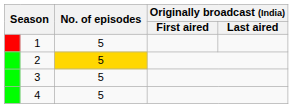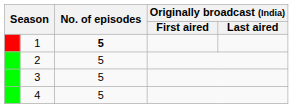 <table class="wikitable" style="text-align:center">
 <tr>
 <th style="padding: 0 8px" colspan="2" rowspan="2">Season</th>
 <th style="padding: 0 8px" rowspan="2">No. of episodes</th>
 <th colspan="2">Originally broadcast <small>(India)</small></th>
 </tr>
 <tr>
 <th style="padding: 0 8px">First aired</th>
 <th style="padding: 0 8px">Last aired</th>
 </tr>
 <tr>
 <td style="background:#FF0000"></td>
 <td align="center">1</td>
-<td align="center">5</td>
+<td align="center"><strong>5</strong></td>
 <td align="center"></td>
 <td align="center"></td>
 </tr>
 <tr>
 <td style="background:#00FF00"></td>
 <td align="center">2</td>
-<td align="center" style="background: gold;">5</td>
+<td align="center">5</td>
 <td colspan="2" align="center"></td>
 </tr>
 <tr>
 <td style="background:#00FF00"></td>
 <td align="center">3</td>
 <td align="center">5</td>
 <td colspan="2" align="center"></td>
 </tr>
 <tr>
 <td style="background:#00FF00"></td>
 <td>4</td>
 <td>5</td>
 <td colspan="2" align="center"></td>
 </tr>
 </table>
